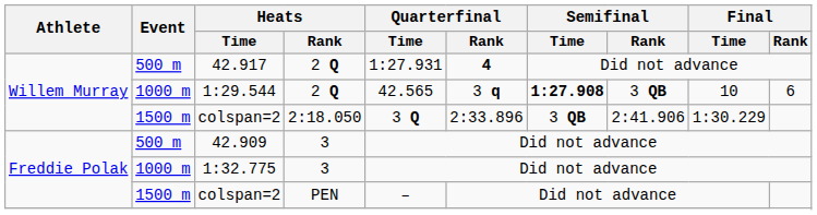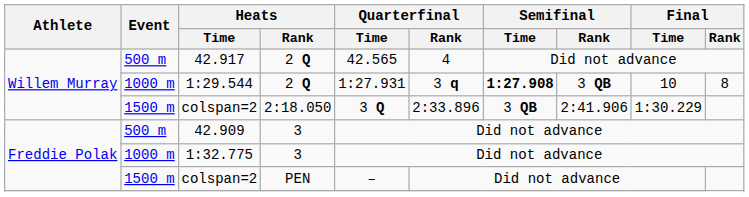 <table class="wikitable" style="font-size:90%; text-align:center;">
 <tr>
 <th rowspan=2>Athlete</th>
 <th rowspan=2>Event</th>
 <th colspan=2>Heats</th>
 <th colspan=2>Quarterfinal</th>
 <th colspan=2>Semifinal</th>
 <th colspan=2>Final</th>
 </tr>
 <tr style="font-size:95%">
 <th>Time</th>
 <th>Rank</th>
 <th>Time</th>
 <th>Rank</th>
 <th>Time</th>
 <th>Rank</th>
 <th>Time</th>
 <th>Rank</th>
 </tr>
 <tr>
 <td rowspan=3 align=left><a href='#'>Willem Murray</a></td>
 <td align=left><a href='#'>500 m</a></td>
 <td>42.917</td>
 <td>2 <strong>Q</strong></td>
-<td>1:27.931</td>
-<td><strong>4</strong></td>
+<td>42.565</td>
+<td>4</td>
 <td colspan=4>Did not advance</td>
 </tr>
 <tr>
 <td align=left><a href='#'>1000 m</a></td>
 <td>1:29.544</td>
 <td>2 <strong>Q</strong></td>
-<td>42.565</td>
+<td>1:27.931</td>
 <td>3 <strong>q</strong></td>
 <td><strong>1:27.908</strong></td>
 <td>3 <strong>QB</strong></td>
 <td>10</td>
-<td>6</td>
+<td>8</td>
 </tr>
 <tr>
 <td align=left><a href='#'>1500 m</a></td>
 <td>colspan=2 </td>
 <td>2:18.050</td>
 <td>3 <strong>Q</strong></td>
 <td>2:33.896</td>
 <td>3 <strong>QB</strong></td>
 <td>2:41.906</td>
 <td>1:30.229</td>
 </tr>
 <tr>
 <td rowspan=3 align=left><a href='#'>Freddie Polak</a></td>
 <td align=left><a href='#'>500 m</a></td>
 <td>42.909</td>
 <td>3</td>
 <td colspan=6>Did not advance</td>
 </tr>
 <tr>
 <td align=left><a href='#'>1000 m</a></td>
 <td>1:32.775</td>
 <td>3</td>
 <td colspan=6>Did not advance</td>
 </tr>
 <tr>
 <td align=left><a href='#'>1500 m</a></td>
 <td>colspan=2 </td>
 <td>PEN</td>
 <td>–</td>
 <td colspan=4>Did not advance</td>
 </tr>
 <tr>
 </tr>
 </table>
